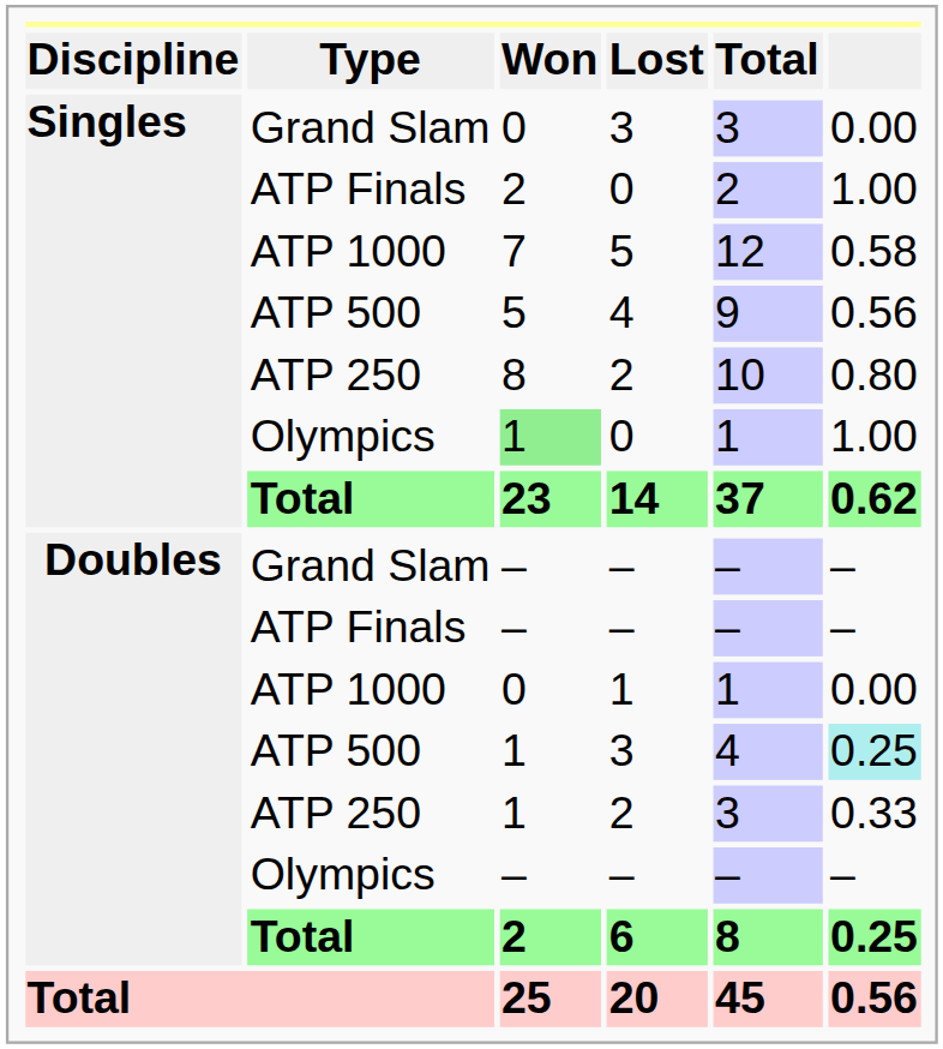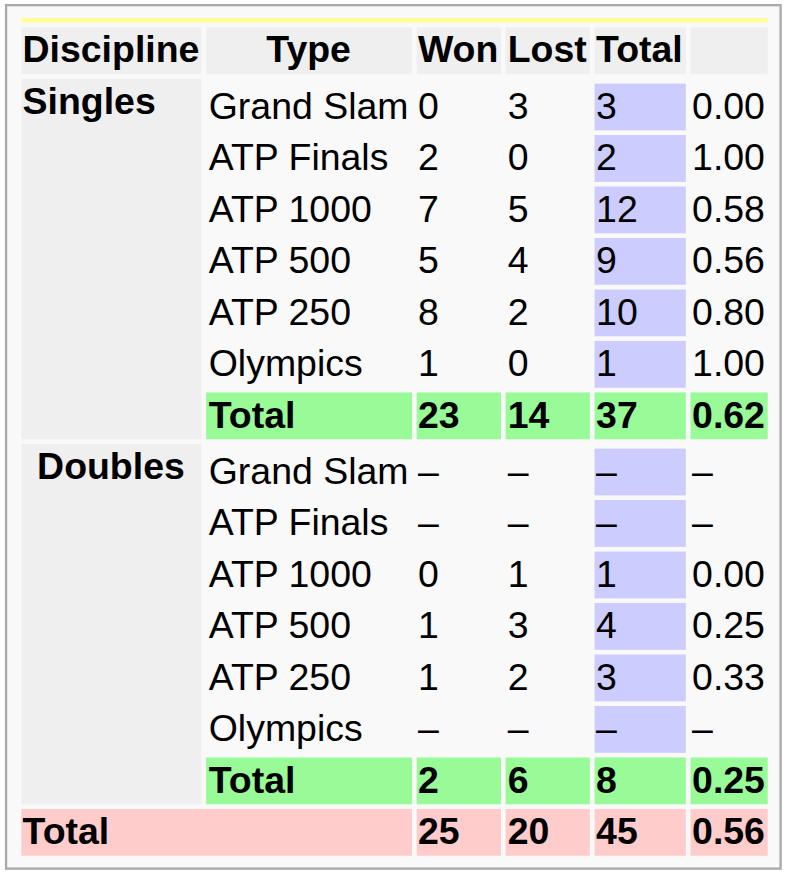 <table class="infobox vcard vevent nowrap">
 <tr bgcolor=FFFF99>
 <th colspan=6></th>
 </tr>
 <tr bgcolor=efefef>
 <th>Discipline</th>
 <th>Type</th>
 <th>Won</th>
 <th>Lost</th>
 <th>Total</th>
 <th></th>
 </tr>
 <tr bgcolor=efefef>
 <td rowspan="8"><strong>Singles</strong></td>
 </tr>
 <tr>
 <td>Grand Slam</td>
 <td>0</td>
 <td>3</td>
 <td bgcolor=ccccff>3</td>
 <td>0.00</td>
 </tr>
 <tr>
 <td>ATP Finals</td>
 <td>2</td>
 <td>0</td>
 <td bgcolor=ccccff>2</td>
 <td>1.00</td>
 </tr>
 <tr>
 <td>ATP 1000</td>
 <td>7</td>
 <td>5</td>
 <td bgcolor=ccccff>12</td>
 <td>0.58</td>
 </tr>
 <tr>
 <td>ATP 500</td>
 <td>5</td>
 <td>4</td>
 <td bgcolor=ccccff>9</td>
 <td>0.56</td>
 </tr>
 <tr>
 <td>ATP 250</td>
 <td>8</td>
 <td>2</td>
 <td bgcolor=ccccff>10</td>
 <td>0.80</td>
 </tr>
 <tr>
 <td>Olympics</td>
-<td style="background: lightgreen;">1</td>
+<td>1</td>
 <td>0</td>
 <td bgcolor=ccccff>1</td>
 <td>1.00</td>
 </tr>
 <tr bgcolor=98fb98>
 <td><strong>Total</strong></td>
 <td><strong>23</strong></td>
 <td><strong>14</strong></td>
 <td><strong>37</strong></td>
 <td><strong>0.62</strong></td>
 </tr>
 <tr bgcolor=efefef>
 <th rowspan="8">Doubles</th>
 </tr>
 <tr>
 <td>Grand Slam</td>
 <td>–</td>
 <td>–</td>
 <td bgcolor=ccccff>–</td>
 <td>–</td>
 </tr>
 <tr>
 <td>ATP Finals</td>
 <td>–</td>
 <td>–</td>
 <td bgcolor=ccccff>–</td>
 <td>–</td>
 </tr>
 <tr>
 <td>ATP 1000</td>
 <td>0</td>
 <td>1</td>
 <td bgcolor=ccccff>1</td>
 <td>0.00</td>
 </tr>
 <tr>
 <td>ATP 500</td>
 <td>1</td>
 <td>3</td>
 <td bgcolor=ccccff>4</td>
-<td style="background: paleturquoise;">0.25</td>
+<td>0.25</td>
 </tr>
 <tr>
 <td>ATP 250</td>
 <td>1</td>
 <td>2</td>
 <td bgcolor=ccccff>3</td>
 <td>0.33</td>
 </tr>
 <tr>
 <td>Olympics</td>
 <td>–</td>
 <td>–</td>
 <td bgcolor=ccccff>–</td>
 <td>–</td>
 </tr>
 <tr bgcolor=98fb98>
 <td><strong>Total</strong></td>
 <td><strong>2</strong></td>
 <td><strong>6</strong></td>
 <td><strong>8</strong></td>
 <td><strong>0.25</strong></td>
 </tr>
 <tr bgcolor=FFCCCC>
 <td colspan=2><strong>Total</strong></td>
 <td><strong>25</strong></td>
 <td><strong>20</strong></td>
 <td><strong>45</strong></td>
 <td><strong>0.56</strong></td>
 </tr>
 </table>
